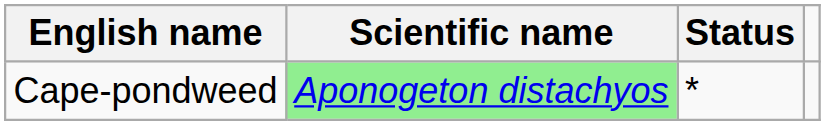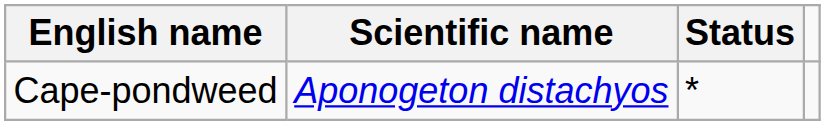 <table class="wikitable" |>
 <tr>
 <th>English name</th>
 <th>Scientific name</th>
 <th>Status</th>
 </tr>
 <tr>
 <td>Cape-pondweed</td>
-<td style="background: lightgreen;"><em><a href='#'>Aponogeton distachyos</a></em></td>
+<td><em><a href='#'>Aponogeton distachyos</a></em></td>
 <td>*</td>
 <td></td>
 </tr>
 </table>
